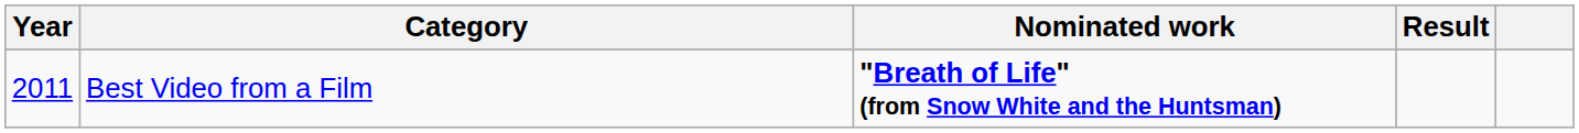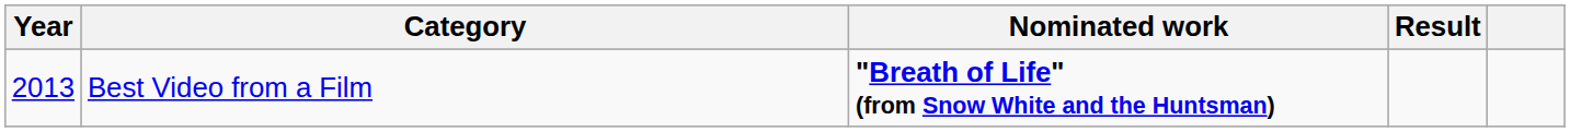 <table class="wikitable plainrowheaders" style="width:70%;">
 <tr>
 <th scope="col" style="width:4%;">Year</th>
 <th scope="col" style="width:50%;">Category</th>
 <th scope="col" style="width:35%;">Nominated work</th>
 <th scope="col" style="width:6%;">Result</th>
 <th scope="col" style="width:6%;"></th>
 </tr>
 <tr>
-<td style="text-align:center;"><a href='#'>2011</a></td>
+<td style="text-align:center;"><a href='#'>2013</a></td>
 <td><a href='#'>Best Video from a Film</a></td>
 <td><strong>"<a href='#'>Breath of Life</a>"<br><small>(from <a href='#'>Snow White and the Huntsman</a>)</small></strong></td>
 <td></td>
 </tr>
 </table>
